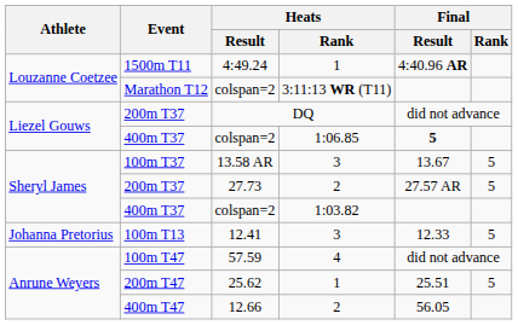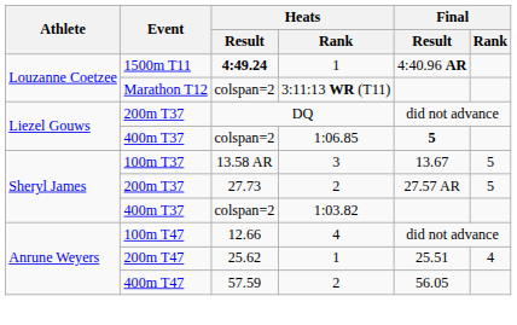 <table class=wikitable style="font-size:90%">
 <tr>
 <th rowspan="2">Athlete</th>
 <th rowspan="2">Event</th>
 <th colspan="2">Heats</th>
 <th colspan="2">Final</th>
 </tr>
 <tr>
 <th>Result</th>
 <th>Rank</th>
 <th>Result</th>
 <th>Rank</th>
 </tr>
 <tr align=center>
 <td align=left rowspan=2><a href='#'>Louzanne Coetzee</a></td>
 <td align=left><a href='#'>1500m T11</a></td>
-<td>4:49.24</td>
+<td><strong>4:49.24</strong></td>
 <td>1</td>
 <td>4:40.96 <strong>AR</strong></td>
 <td></td>
 </tr>
 <tr align=center>
 <td align=left><a href='#'>Marathon T12</a></td>
 <td>colspan=2 </td>
 <td>3:11:13 <strong>WR</strong> (T11)</td>
 <td></td>
 </tr>
 <tr align=center>
 <td align=left rowspan=2><a href='#'>Liezel Gouws</a></td>
 <td align=left><a href='#'>200m T37</a></td>
 <td colspan=2>DQ</td>
 <td colspan=2>did not advance</td>
 </tr>
 <tr align=center>
 <td align=left><a href='#'>400m T37</a></td>
 <td>colspan=2 </td>
 <td>1:06.85</td>
 <td><strong>5</strong></td>
 </tr>
 <tr align=center>
 <td align=left rowspan=3><a href='#'>Sheryl James</a></td>
 <td align=left><a href='#'>100m T37</a></td>
 <td>13.58 AR</td>
 <td>3</td>
 <td>13.67</td>
 <td>5</td>
 </tr>
 <tr align=center>
 <td align=left><a href='#'>200m T37</a></td>
 <td>27.73</td>
 <td>2</td>
 <td>27.57 AR</td>
 <td>5</td>
 </tr>
 <tr align=center>
 <td align=left><a href='#'>400m T37</a></td>
 <td>colspan=2 </td>
 <td>1:03.82</td>
 <td></td>
 </tr>
 <tr align=center>
-<td align=left><a href='#'>Johanna Pretorius</a></td>
-<td align=left><a href='#'>100m T13</a></td>
-<td>12.41</td>
-<td>3</td>
-<td>12.33</td>
-<td>5</td>
-</tr>
-<tr align=center>
 <td align=left rowspan=3><a href='#'>Anrune Weyers</a></td>
 <td align=left><a href='#'>100m T47</a></td>
-<td>57.59</td>
+<td>12.66</td>
 <td>4</td>
 <td colspan=2>did not advance</td>
 </tr>
 <tr align=center>
 <td align=left><a href='#'>200m T47</a></td>
 <td>25.62</td>
 <td>1</td>
 <td>25.51</td>
-<td>5</td>
+<td>4</td>
 </tr>
 <tr align=center>
 <td align=left><a href='#'>400m T47</a></td>
-<td>12.66</td>
+<td>57.59</td>
 <td>2</td>
 <td>56.05</td>
 <td></td>
 </tr>
 </table>
